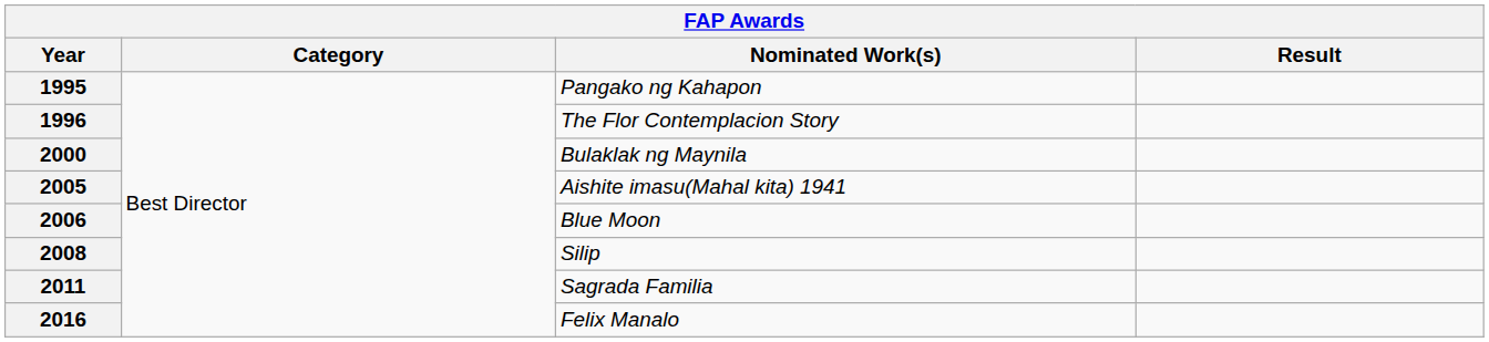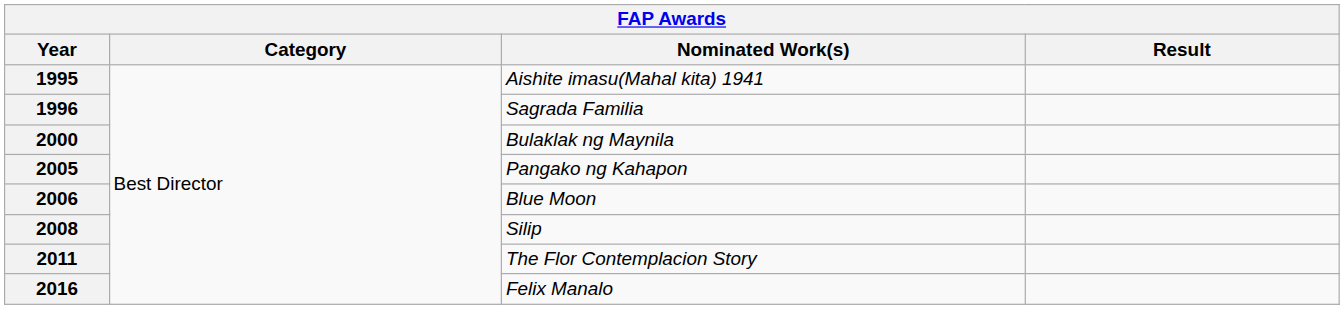 <table class= "wikitable  plainrowheaders sortable">
 <tr>
 <th colspan=4><a href='#'>FAP Awards</a></th>
 </tr>
 <tr>
 <th Width=4%>Year</th>
 <th Width=15%>Category</th>
 <th Width=20%>Nominated Work(s)</th>
 <th Width=12%>Result</th>
 </tr>
 <tr>
 <th scope="row">1995</th>
 <td rowspan="8">Best Director</td>
-<td><em>Pangako ng Kahapon</em></td>
+<td><em>Aishite imasu(Mahal kita) 1941</em></td>
 <td></td>
 </tr>
 <tr>
 <th scope="row">1996</th>
-<td><em>The Flor Contemplacion Story</em></td>
+<td><em>Sagrada Familia</em></td>
 <td></td>
 </tr>
 <tr>
 <th scope="row">2000</th>
 <td><em>Bulaklak ng Maynila</em></td>
 <td></td>
 </tr>
 <tr>
 <th scope="row">2005</th>
-<td><em>Aishite imasu(Mahal kita) 1941</em></td>
+<td><em>Pangako ng Kahapon</em></td>
 <td></td>
 </tr>
 <tr>
 <th scope="row">2006</th>
 <td><em>Blue Moon</em></td>
 <td></td>
 </tr>
 <tr>
 <th scope="row">2008</th>
 <td><em>Silip</em></td>
 <td></td>
 </tr>
 <tr>
 <th scope="row">2011</th>
-<td><em>Sagrada Familia</em></td>
+<td><em>The Flor Contemplacion Story</em></td>
 <td></td>
 </tr>
 <tr>
 <th scope="row">2016</th>
 <td><em>Felix Manalo</em></td>
 <td></td>
 </tr>
 </table>
